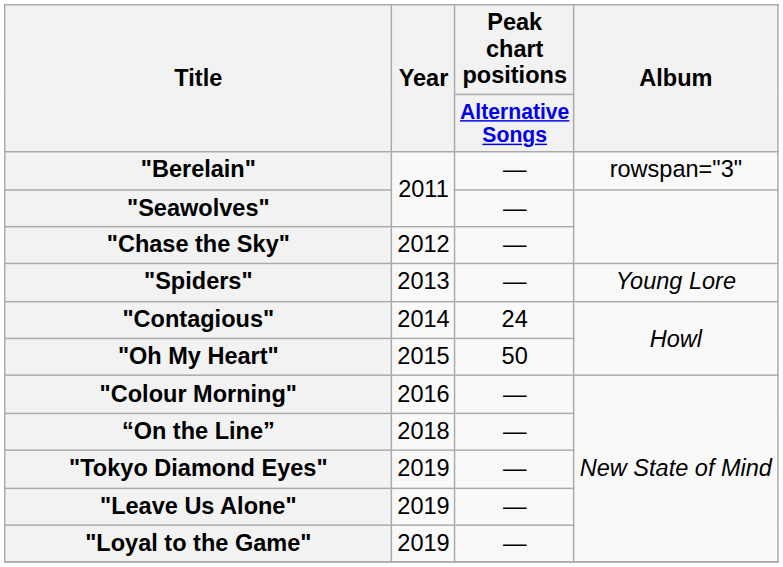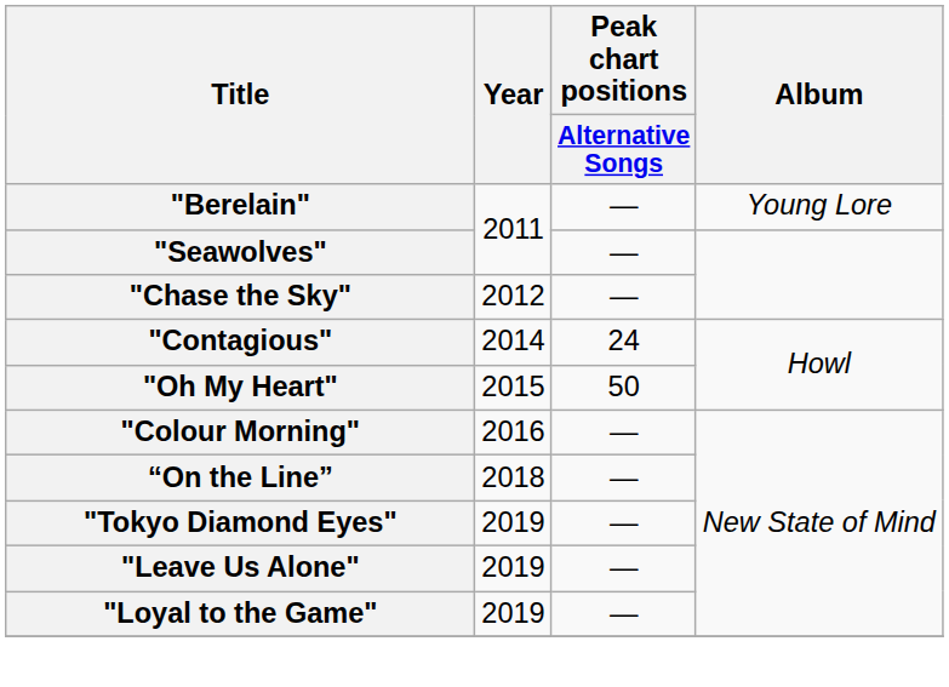 <table class="wikitable plainrowheaders" style="text-align:center;">
 <tr>
 <th scope="col" rowspan="2" style="width:16em;">Title</th>
 <th scope="col" rowspan="2">Year</th>
 <th scope="col">Peak chart positions</th>
 <th scope="col" rowspan="2">Album</th>
 </tr>
 <tr>
 <th scope="col" style="width:3em;font-size:90%;"><a href='#'>Alternative Songs</a><br></th>
 </tr>
 <tr>
 <th scope="row">"Berelain"</th>
 <td rowspan="2">2011</td>
 <td>—</td>
-<td>rowspan="3" </td>
+<td><em>Young Lore</em></td>
 </tr>
 <tr>
 <th scope="row">"Seawolves"</th>
 <td>—</td>
 </tr>
 <tr>
 <th scope="row">"Chase the Sky"</th>
 <td>2012</td>
 <td>—</td>
-</tr>
-<tr>
-<th scope="row">"Spiders"</th>
-<td>2013</td>
-<td>—</td>
-<td><em>Young Lore</em></td>
 </tr>
 <tr>
 <th scope="row">"Contagious"</th>
 <td>2014</td>
 <td>24</td>
 <td rowspan="2"><em>Howl</em></td>
 </tr>
 <tr>
 <th scope="row">"Oh My Heart"</th>
 <td>2015</td>
 <td>50</td>
 </tr>
 <tr>
 <th scope="row">"Colour Morning"</th>
 <td>2016</td>
 <td>—</td>
 <td rowspan="5"><em>New State of Mind</em></td>
 </tr>
 <tr>
 <th scope="row">“On the Line”</th>
 <td>2018</td>
 <td>—</td>
 </tr>
 <tr>
 <th scope="row">"Tokyo Diamond Eyes"</th>
 <td>2019</td>
 <td>—</td>
 </tr>
 <tr>
 <th scope="row">"Leave Us Alone"</th>
 <td>2019</td>
 <td>—</td>
 </tr>
 <tr>
 <th scope="row">"Loyal to the Game"</th>
 <td>2019</td>
 <td>—</td>
 </tr>
 <tr>
 </tr>
 </table>
